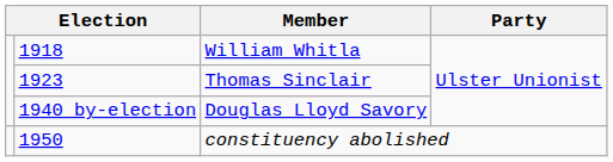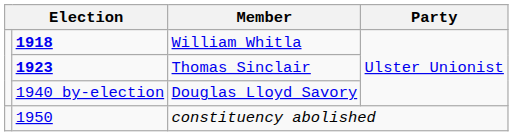 <table class="wikitable">
 <tr>
 <th colspan="2">Election</th>
 <th>Member </th>
 <th>Party</th>
 </tr>
 <tr>
 <td rowspan="3" style="color:inherit;background-color: "></td>
-<td><a href='#'>1918</a></td>
+<td><strong><a href='#'>1918</a></strong></td>
 <td><a href='#'>William Whitla</a></td>
 <td rowspan="3"><a href='#'>Ulster Unionist</a></td>
 </tr>
 <tr>
-<td><a href='#'>1923</a></td>
+<td><strong><a href='#'>1923</a></strong></td>
 <td><a href='#'>Thomas Sinclair</a></td>
 </tr>
 <tr>
 <td><a href='#'>1940 by-election</a></td>
 <td><a href='#'>Douglas Lloyd Savory</a></td>
 </tr>
 <tr>
 <td></td>
 <td><a href='#'>1950</a></td>
 <td colspan="2"><em>constituency abolished</em></td>
 </tr>
 </table>
